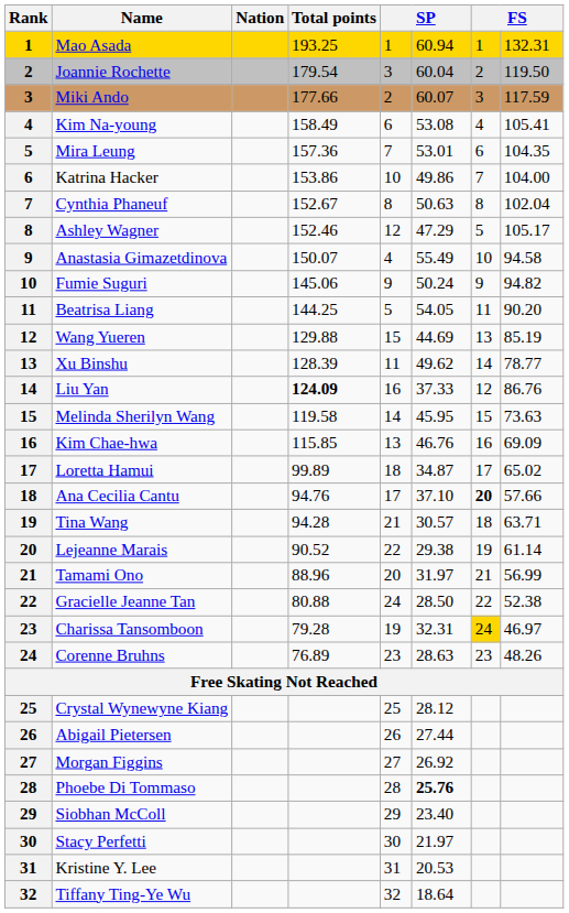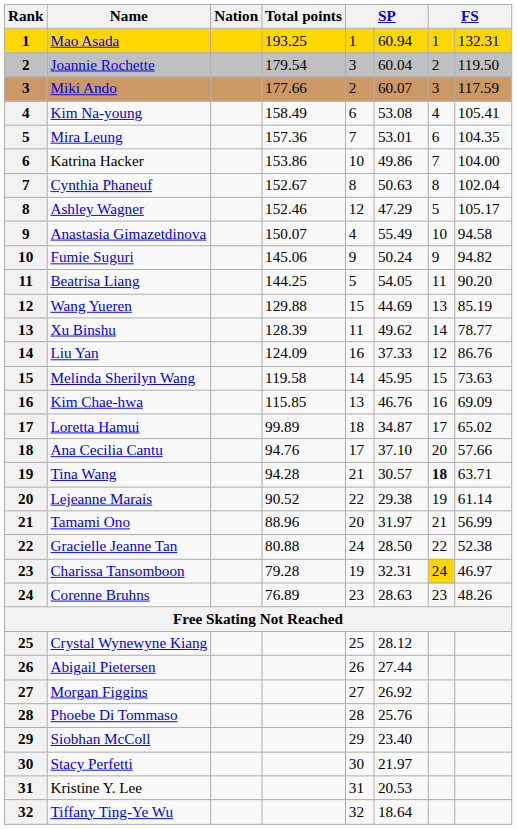 <table class="wikitable">
 <tr>
 <th>Rank</th>
 <th>Name</th>
 <th>Nation</th>
 <th>Total points</th>
 <th colspan="2" width="80px"><a href='#'>SP</a></th>
 <th colspan="2" width="80px"><a href='#'>FS</a></th>
 </tr>
 <tr bgcolor="gold">
 <td align="center"><strong>1</strong></td>
 <td><a href='#'>Mao Asada</a></td>
 <td></td>
 <td>193.25</td>
 <td>1</td>
 <td>60.94</td>
 <td>1</td>
 <td>132.31</td>
 </tr>
 <tr bgcolor="silver">
 <td align="center"><strong>2</strong></td>
 <td><a href='#'>Joannie Rochette</a></td>
 <td></td>
 <td>179.54</td>
 <td>3</td>
 <td>60.04</td>
 <td>2</td>
 <td>119.50</td>
 </tr>
 <tr bgcolor="cc9966">
 <td align="center"><strong>3</strong></td>
 <td><a href='#'>Miki Ando</a></td>
 <td></td>
 <td>177.66</td>
 <td>2</td>
 <td>60.07</td>
 <td>3</td>
 <td>117.59</td>
 </tr>
 <tr>
 <th>4</th>
 <td><a href='#'>Kim Na-young</a></td>
 <td></td>
 <td>158.49</td>
 <td>6</td>
 <td>53.08</td>
 <td>4</td>
 <td>105.41</td>
 </tr>
 <tr>
 <th>5</th>
 <td><a href='#'>Mira Leung</a></td>
 <td></td>
 <td>157.36</td>
 <td>7</td>
 <td>53.01</td>
 <td>6</td>
 <td>104.35</td>
 </tr>
 <tr>
 <th>6</th>
 <td>Katrina Hacker</td>
 <td></td>
 <td>153.86</td>
 <td>10</td>
 <td>49.86</td>
 <td>7</td>
 <td>104.00</td>
 </tr>
 <tr>
 <th>7</th>
 <td><a href='#'>Cynthia Phaneuf</a></td>
 <td></td>
 <td>152.67</td>
 <td>8</td>
 <td>50.63</td>
 <td>8</td>
 <td>102.04</td>
 </tr>
 <tr>
 <th>8</th>
 <td><a href='#'>Ashley Wagner</a></td>
 <td></td>
 <td>152.46</td>
 <td>12</td>
 <td>47.29</td>
 <td>5</td>
 <td>105.17</td>
 </tr>
 <tr>
 <th>9</th>
 <td><a href='#'>Anastasia Gimazetdinova</a></td>
 <td></td>
 <td>150.07</td>
 <td>4</td>
 <td>55.49</td>
 <td>10</td>
 <td>94.58</td>
 </tr>
 <tr>
 <th>10</th>
 <td><a href='#'>Fumie Suguri</a></td>
 <td></td>
 <td>145.06</td>
 <td>9</td>
 <td>50.24</td>
 <td>9</td>
 <td>94.82</td>
 </tr>
 <tr>
 <th>11</th>
 <td><a href='#'>Beatrisa Liang</a></td>
 <td></td>
 <td>144.25</td>
 <td>5</td>
 <td>54.05</td>
 <td>11</td>
 <td>90.20</td>
 </tr>
 <tr>
 <th>12</th>
 <td><a href='#'>Wang Yueren</a></td>
 <td></td>
 <td>129.88</td>
 <td>15</td>
 <td>44.69</td>
 <td>13</td>
 <td>85.19</td>
 </tr>
 <tr>
 <th>13</th>
 <td><a href='#'>Xu Binshu</a></td>
 <td></td>
 <td>128.39</td>
 <td>11</td>
 <td>49.62</td>
 <td>14</td>
 <td>78.77</td>
 </tr>
 <tr>
 <th>14</th>
 <td><a href='#'>Liu Yan</a></td>
 <td></td>
-<td><strong>124.09</strong></td>
+<td>124.09</td>
 <td>16</td>
 <td>37.33</td>
 <td>12</td>
 <td>86.76</td>
 </tr>
 <tr>
 <th>15</th>
 <td><a href='#'>Melinda Sherilyn Wang</a></td>
 <td></td>
 <td>119.58</td>
 <td>14</td>
 <td>45.95</td>
 <td>15</td>
 <td>73.63</td>
 </tr>
 <tr>
 <th>16</th>
 <td><a href='#'>Kim Chae-hwa</a></td>
 <td></td>
 <td>115.85</td>
 <td>13</td>
 <td>46.76</td>
 <td>16</td>
 <td>69.09</td>
 </tr>
 <tr>
 <th>17</th>
 <td><a href='#'>Loretta Hamui</a></td>
 <td></td>
 <td>99.89</td>
 <td>18</td>
 <td>34.87</td>
 <td>17</td>
 <td>65.02</td>
 </tr>
 <tr>
 <th>18</th>
 <td><a href='#'>Ana Cecilia Cantu</a></td>
 <td></td>
 <td>94.76</td>
 <td>17</td>
 <td>37.10</td>
-<td><strong>20</strong></td>
+<td>20</td>
 <td>57.66</td>
 </tr>
 <tr>
 <th>19</th>
 <td><a href='#'>Tina Wang</a></td>
 <td></td>
 <td>94.28</td>
 <td>21</td>
 <td>30.57</td>
-<td>18</td>
+<td><strong>18</strong></td>
 <td>63.71</td>
 </tr>
 <tr>
 <th>20</th>
 <td><a href='#'>Lejeanne Marais</a></td>
 <td></td>
 <td>90.52</td>
 <td>22</td>
 <td>29.38</td>
 <td>19</td>
 <td>61.14</td>
 </tr>
 <tr>
 <th>21</th>
 <td><a href='#'>Tamami Ono</a></td>
 <td></td>
 <td>88.96</td>
 <td>20</td>
 <td>31.97</td>
 <td>21</td>
 <td>56.99</td>
 </tr>
 <tr>
 <th>22</th>
 <td><a href='#'>Gracielle Jeanne Tan</a></td>
 <td></td>
 <td>80.88</td>
 <td>24</td>
 <td>28.50</td>
 <td>22</td>
 <td>52.38</td>
 </tr>
 <tr>
 <th>23</th>
 <td><a href='#'>Charissa Tansomboon</a></td>
 <td></td>
 <td>79.28</td>
 <td>19</td>
 <td>32.31</td>
 <td style="background: gold;">24</td>
 <td>46.97</td>
 </tr>
 <tr>
 <th>24</th>
 <td><a href='#'>Corenne Bruhns</a></td>
 <td></td>
 <td>76.89</td>
 <td>23</td>
 <td>28.63</td>
 <td>23</td>
 <td>48.26</td>
 </tr>
 <tr>
 <th colspan=8>Free Skating Not Reached</th>
 </tr>
 <tr>
 <th>25</th>
 <td><a href='#'>Crystal Wynewyne Kiang</a></td>
 <td></td>
 <td></td>
 <td>25</td>
 <td>28.12</td>
 <td></td>
 <td></td>
 </tr>
 <tr>
 <th>26</th>
 <td><a href='#'>Abigail Pietersen</a></td>
 <td></td>
 <td></td>
 <td>26</td>
 <td>27.44</td>
 <td></td>
 <td></td>
 </tr>
 <tr>
 <th>27</th>
 <td><a href='#'>Morgan Figgins</a></td>
 <td></td>
 <td></td>
 <td>27</td>
 <td>26.92</td>
 <td></td>
 <td></td>
 </tr>
 <tr>
 <th>28</th>
 <td><a href='#'>Phoebe Di Tommaso</a></td>
 <td></td>
 <td></td>
 <td>28</td>
-<td><strong>25.76</strong></td>
+<td>25.76</td>
 <td></td>
 <td></td>
 </tr>
 <tr>
 <th>29</th>
 <td><a href='#'>Siobhan McColl</a></td>
 <td></td>
 <td></td>
 <td>29</td>
 <td>23.40</td>
 <td></td>
 <td></td>
 </tr>
 <tr>
 <th>30</th>
 <td><a href='#'>Stacy Perfetti</a></td>
 <td></td>
 <td></td>
 <td>30</td>
 <td>21.97</td>
 <td></td>
 <td></td>
 </tr>
 <tr>
 <th>31</th>
 <td>Kristine Y. Lee</td>
 <td></td>
 <td></td>
 <td>31</td>
 <td>20.53</td>
 <td></td>
 <td></td>
 </tr>
 <tr>
 <th>32</th>
 <td><a href='#'>Tiffany Ting-Ye Wu</a></td>
 <td></td>
 <td></td>
 <td>32</td>
 <td>18.64</td>
 <td></td>
 <td></td>
 </tr>
 </table>
